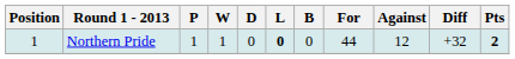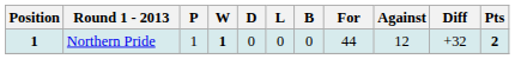 <table class="wikitable" style="text-align:center; font-size:85%;">
 <tr>
 <th width=40 abbr="Position">Position</th>
 <th width=100>Round 1 - 2013</th>
 <th width=20 abbr="Played">P</th>
 <th width=20 abbr="Won">W</th>
 <th width=20 abbr="Drawn">D</th>
 <th width=20 abbr="Lost">L</th>
 <th width=20 abbr="Bye">B</th>
 <th width=40 abbr="Points for">For</th>
 <th width=40 abbr="Points against">Against</th>
 <th width=40 abbr="Points difference">Diff</th>
 <th width=20 abbr="Points">Pts</th>
 </tr>
 <tr style="background: #d7ebed;">
-<td>1</td>
+<td><strong>1</strong></td>
 <td style="text-align:left;"> <a href='#'>Northern Pride</a></td>
 <td>1</td>
-<td>1</td>
+<td><strong>1</strong></td>
 <td>0</td>
-<td><strong>0</strong></td>
+<td>0</td>
 <td>0</td>
 <td>44</td>
 <td>12</td>
 <td>+32</td>
 <td><strong>2</strong></td>
 </tr>
 <tr>
 </tr>
 </table>
